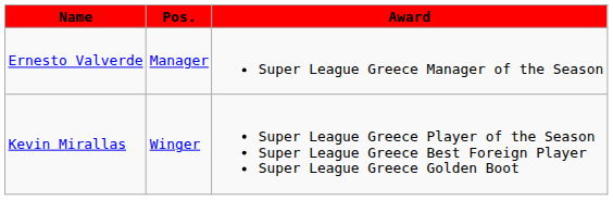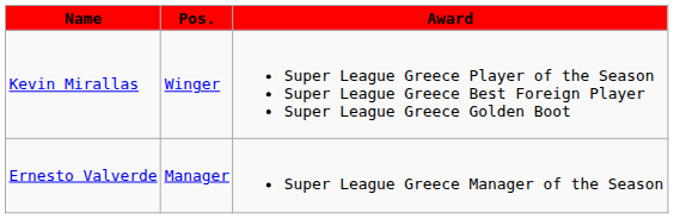 <table class="wikitable">
 <tr>
 <th style="background:#FF0000;">Name</th>
 <th style="background:#FF0000;">Pos.</th>
 <th style="background:#FF0000;"><strong>Award</strong></th>
 </tr>
 <tr>
+<td> <a href='#'>Kevin Mirallas</a></td>
+<td><a href='#'>Winger</a></td>
+<td><br><ul><li>Super League Greece Player of the Season</li><li>Super League Greece Best Foreign Player</li><li>Super League Greece Golden Boot</li></ul></td>
+</tr>
+<tr>
 <td> <a href='#'>Ernesto Valverde</a></td>
 <td><a href='#'>Manager</a></td>
 <td><br><ul><li>Super League Greece Manager of the Season</li></ul></td>
 </tr>
-<tr>
-<td> <a href='#'>Kevin Mirallas</a></td>
-<td><a href='#'>Winger</a></td>
-<td><br><ul><li>Super League Greece Player of the Season</li><li>Super League Greece Best Foreign Player</li><li>Super League Greece Golden Boot</li></ul></td>
-</tr>
 </table>
